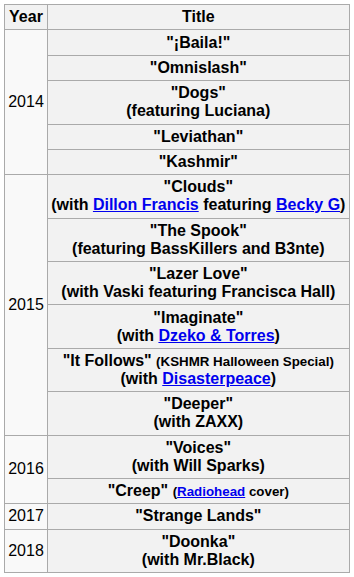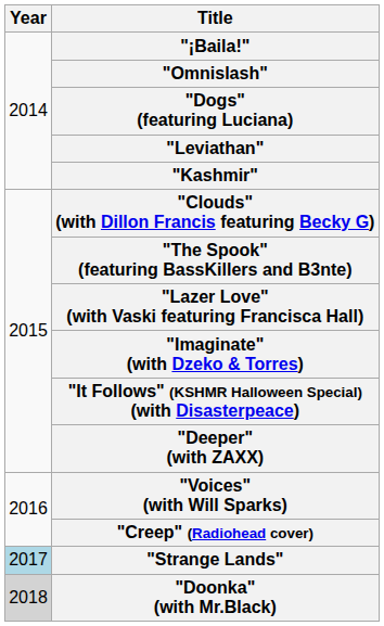 <table class="wikitable plainrowheaders">
 <tr>
 <th>Year</th>
 <th>Title</th>
 </tr>
 <tr>
 <td rowspan="5">2014</td>
 <th scope="row">"¡Baila!"</th>
 </tr>
 <tr>
 <th scope="row">"Omnislash"</th>
 </tr>
 <tr>
 <th scope="row">"Dogs" <br><span>(featuring Luciana)</span></th>
 </tr>
 <tr>
 <th scope="row">"Leviathan"</th>
 </tr>
 <tr>
 <th scope="row">"Kashmir"</th>
 </tr>
 <tr>
 <td rowspan="6">2015</td>
 <th scope="row">"Clouds" <br><span>(with <a href='#'>Dillon Francis</a> featuring <a href='#'>Becky G</a>)</span></th>
 </tr>
 <tr>
 <th scope="row">"The Spook" <br><span>(featuring BassKillers and B3nte)</span></th>
 </tr>
 <tr>
 <th scope="row">"Lazer Love" <br><span>(with Vaski featuring Francisca Hall)</span></th>
 </tr>
 <tr>
 <th scope="row">"Imaginate" <br><span>(with <a href='#'>Dzeko & Torres</a>)</span></th>
 </tr>
 <tr>
 <th scope="row">"It Follows" <small>(KSHMR Halloween Special)</small> <br><span>(with <a href='#'>Disasterpeace</a>)</span></th>
 </tr>
 <tr>
 <th scope="row">"Deeper" <br><span>(with ZAXX)</span></th>
 </tr>
 <tr>
 <td rowspan="2">2016</td>
 <th scope="row">"Voices" <br><span>(with Will Sparks)</span></th>
 </tr>
 <tr>
 <th scope="row">"Creep" <small>(<a href='#'>Radiohead</a> cover)</small></th>
 </tr>
 <tr>
-<td>2017</td>
+<td style="background: lightblue;">2017</td>
 <th scope="row">"Strange Lands"</th>
 </tr>
 <tr>
-<td>2018</td>
+<td style="background: lightgrey;">2018</td>
 <th scope="row">"Doonka" <br><span>(with Mr.Black)</span></th>
 </tr>
 </table>
